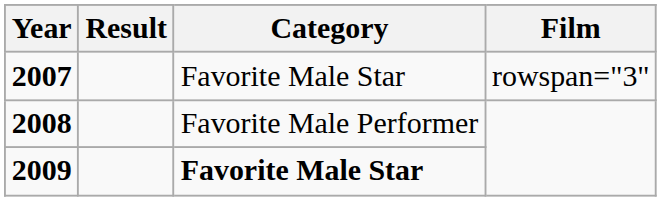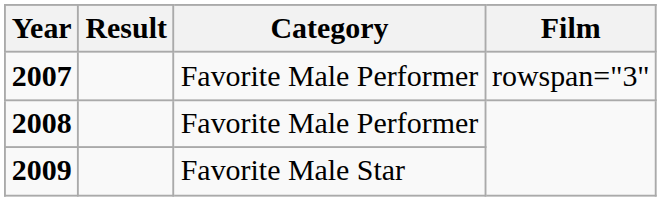 <table class="wikitable">
 <tr>
 <th>Year</th>
 <th>Result</th>
 <th>Category</th>
 <th>Film</th>
 </tr>
 <tr>
 <td><strong>2007</strong></td>
 <td></td>
-<td>Favorite Male Star</td>
+<td>Favorite Male Performer</td>
 <td>rowspan="3" </td>
 </tr>
 <tr>
 <td><strong>2008</strong></td>
 <td></td>
 <td>Favorite Male Performer</td>
 </tr>
 <tr>
 <td><strong>2009</strong></td>
 <td></td>
-<td><strong>Favorite Male Star</strong></td>
+<td>Favorite Male Star</td>
 </tr>
 </table>
